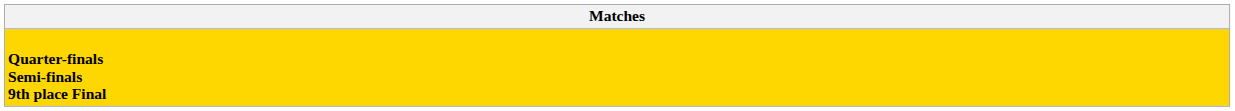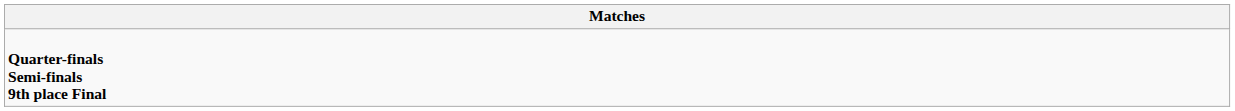 <table class="wikitable collapsible collapsed" style="width:100%;">
 <tr>
 <th>Matches</th>
 </tr>
 <tr>
-<td style="background: gold;"><br><strong>Quarter-finals</strong>    <br><strong>Semi-finals</strong>  <br><strong>9th place Final</strong> </td>
+<td><br><strong>Quarter-finals</strong>    <br><strong>Semi-finals</strong>  <br><strong>9th place Final</strong> </td>
 </tr>
 </table>
